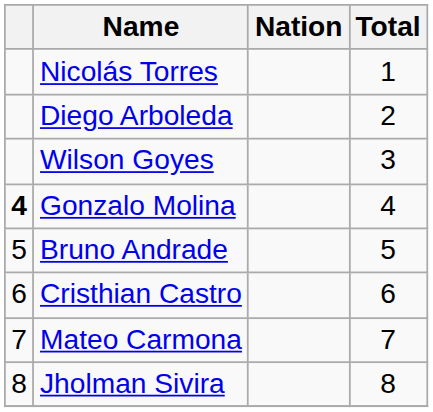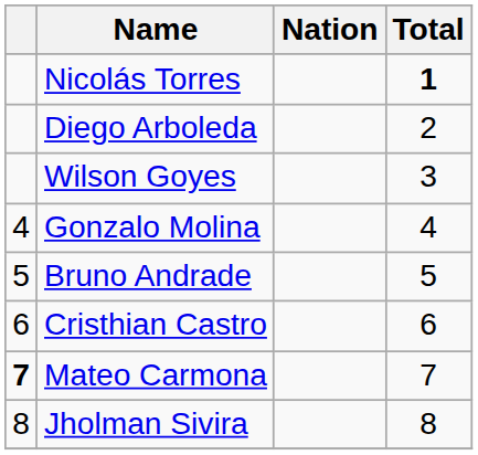 <table class="wikitable" style="text-align:center">
 <tr>
 <th></th>
 <th>Name</th>
 <th>Nation</th>
 <th>Total</th>
 </tr>
 <tr>
 <td></td>
 <td align=left><a href='#'>Nicolás Torres</a></td>
 <td align=left></td>
-<td>1</td>
+<td><strong>1</strong></td>
 </tr>
 <tr>
 <td></td>
 <td align=left><a href='#'>Diego Arboleda</a></td>
 <td align=left></td>
 <td>2</td>
 </tr>
 <tr>
 <td></td>
 <td align=left><a href='#'>Wilson Goyes</a></td>
 <td align=left></td>
 <td>3</td>
 </tr>
 <tr>
-<td><strong>4</strong></td>
+<td>4</td>
 <td align=left><a href='#'>Gonzalo Molina</a></td>
 <td align=left></td>
 <td>4</td>
 </tr>
 <tr>
 <td>5</td>
 <td align=left><a href='#'>Bruno Andrade</a></td>
 <td align=left></td>
 <td>5</td>
 </tr>
 <tr>
 <td>6</td>
 <td align=left><a href='#'>Cristhian Castro</a></td>
 <td align=left></td>
 <td>6</td>
 </tr>
 <tr>
-<td>7</td>
+<td><strong>7</strong></td>
 <td align=left><a href='#'>Mateo Carmona</a></td>
 <td align=left></td>
 <td>7</td>
 </tr>
 <tr>
 <td>8</td>
 <td align=left><a href='#'>Jholman Sivira</a></td>
 <td align=left></td>
 <td>8</td>
 </tr>
 <tr>
 </tr>
 </table>
